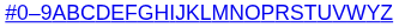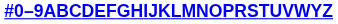 <table id="toc" class="toc" summary="Class">
 <tr>
 <th></th>
 </tr>
 <tr>
-<td style="text-align:center;"><a href='#'>#0–9</a><a href='#'>A</a><a href='#'>B</a><a href='#'>C</a><a href='#'>D</a><a href='#'>E</a><a href='#'>F</a><a href='#'>G</a><a href='#'>H</a><a href='#'>I</a><a href='#'>J</a><a href='#'>K</a><a href='#'>L</a><a href='#'>M</a><a href='#'>N</a><a href='#'>O</a><a href='#'>P</a><a href='#'>R</a><a href='#'>S</a><a href='#'>T</a><a href='#'>U</a><a href='#'>V</a><a href='#'>W</a><a href='#'>Y</a><a href='#'>Z</a></td>
+<td style="text-align:center;"><strong><a href='#'>#0–9</a><a href='#'>A</a><a href='#'>B</a><a href='#'>C</a><a href='#'>D</a><a href='#'>E</a><a href='#'>F</a><a href='#'>G</a><a href='#'>H</a><a href='#'>I</a><a href='#'>J</a><a href='#'>K</a><a href='#'>L</a><a href='#'>M</a><a href='#'>N</a><a href='#'>O</a><a href='#'>P</a><a href='#'>R</a><a href='#'>S</a><a href='#'>T</a><a href='#'>U</a><a href='#'>V</a><a href='#'>W</a><a href='#'>Y</a><a href='#'>Z</a></strong></td>
 </tr>
 </table>
